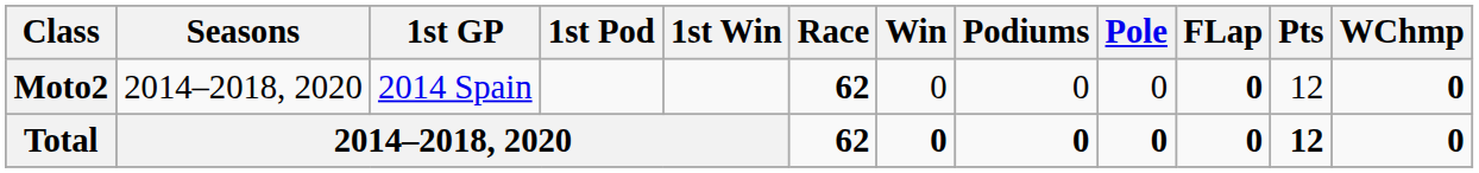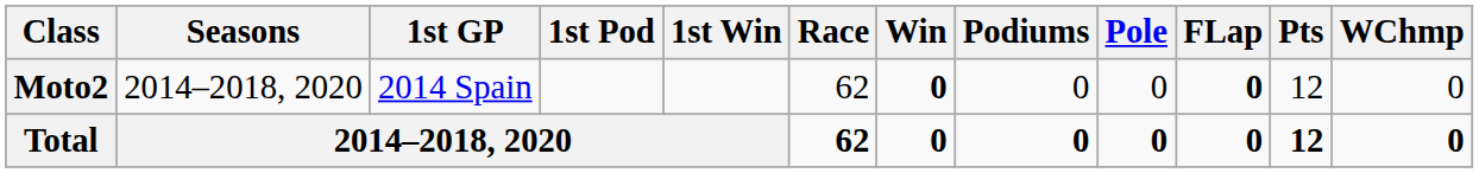 <table class="wikitable" style=text-align:right>
 <tr>
 <th>Class</th>
 <th>Seasons</th>
 <th>1st GP</th>
 <th>1st Pod</th>
 <th>1st Win</th>
 <th>Race</th>
 <th>Win</th>
 <th>Podiums</th>
 <th><a href='#'>Pole</a></th>
 <th>FLap</th>
 <th>Pts</th>
 <th>WChmp</th>
 </tr>
 <tr>
 <th>Moto2</th>
 <td>2014–2018, 2020</td>
 <td align="left"><a href='#'>2014 Spain</a></td>
 <td align="left"></td>
 <td align="left"></td>
-<td><strong>62</strong></td>
-<td>0</td>
+<td>62</td>
+<td><strong>0</strong></td>
 <td>0</td>
 <td>0</td>
 <td><strong>0</strong></td>
 <td>12</td>
-<td><strong>0</strong></td>
+<td>0</td>
 </tr>
 <tr>
 <th>Total</th>
 <th colspan=4>2014–2018, 2020</th>
 <td><strong>62</strong></td>
 <td><strong>0</strong></td>
 <td><strong>0</strong></td>
 <td><strong>0</strong></td>
 <td><strong>0</strong></td>
 <td><strong>12</strong></td>
 <td><strong>0</strong></td>
 </tr>
 </table>
